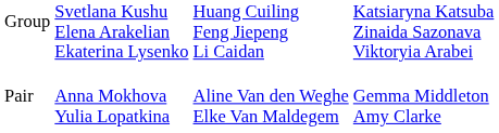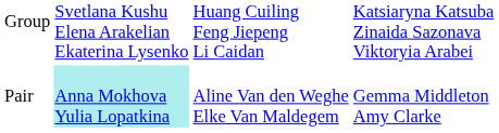 <table>
 <tr>
 <td>Group<br></td>
 <td><br><a href='#'>Svetlana Kushu</a><br><a href='#'>Elena Arakelian</a><br><a href='#'>Ekaterina Lysenko</a></td>
 <td><br><a href='#'>Huang Cuiling</a><br><a href='#'>Feng Jiepeng</a><br><a href='#'>Li Caidan</a></td>
 <td><br><a href='#'>Katsiaryna Katsuba</a><br><a href='#'>Zinaida Sazonava</a><br><a href='#'>Viktoryia Arabei</a></td>
 </tr>
 <tr>
 <td>Pair<br></td>
-<td><br><a href='#'>Anna Mokhova</a><br><a href='#'>Yulia Lopatkina</a></td>
+<td style="background: paleturquoise;"><br><a href='#'>Anna Mokhova</a><br><a href='#'>Yulia Lopatkina</a></td>
 <td><br><a href='#'>Aline Van den Weghe</a><br><a href='#'>Elke Van Maldegem</a></td>
 <td><br><a href='#'>Gemma Middleton</a><br><a href='#'>Amy Clarke</a></td>
 </tr>
 </table>
